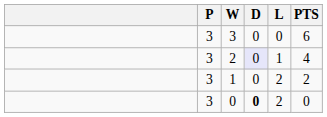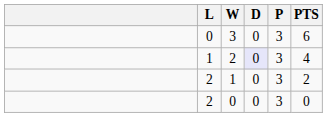 <table class=wikitable style="text-align:center">
 <tr>
 <th width=220></th>
-<th width=20>P</th>
+<th width=20>L</th>
 <th width=20>W</th>
 <th width=20>D</th>
-<th width=20>L</th>
+<th width=20>P</th>
 <th width=20>PTS</th>
 </tr>
 <tr>
 <td style="text-align:left;"></td>
-<td>3</td>
+<td>0</td>
 <td>3</td>
 <td>0</td>
-<td>0</td>
+<td>3</td>
 <td>6</td>
 </tr>
 <tr>
 <td style="text-align:left;"></td>
-<td>3</td>
+<td>1</td>
 <td>2</td>
 <td style="background: lavender;">0</td>
-<td>1</td>
+<td>3</td>
 <td>4</td>
 </tr>
 <tr>
 <td style="text-align:left;"></td>
-<td>3</td>
+<td>2</td>
 <td>1</td>
 <td>0</td>
-<td>2</td>
+<td>3</td>
 <td>2</td>
 </tr>
 <tr>
 <td style="text-align:left;"></td>
+<td>2</td>
+<td>0</td>
+<td>0</td>
 <td>3</td>
-<td>0</td>
-<td><strong>0</strong></td>
-<td>2</td>
 <td>0</td>
 </tr>
 </table>
